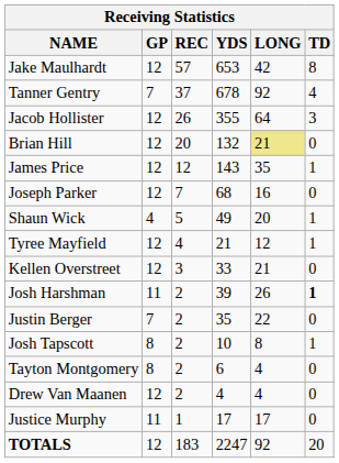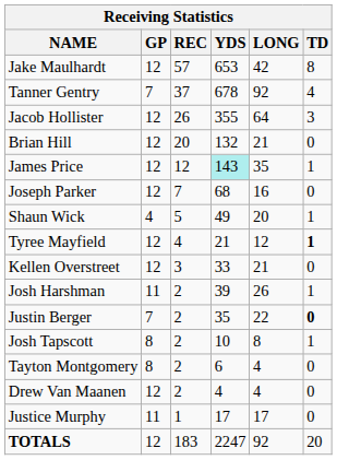 <table class="wikitable sortable collapsible collapsed">
 <tr>
 <th colspan="7">Receiving Statistics</th>
 </tr>
 <tr>
 <th>NAME</th>
 <th>GP</th>
 <th>REC</th>
 <th>YDS</th>
 <th>LONG</th>
 <th>TD</th>
 </tr>
 <tr>
 <td>Jake Maulhardt</td>
 <td>12</td>
 <td>57</td>
 <td>653</td>
 <td>42</td>
 <td>8</td>
 </tr>
 <tr>
 <td>Tanner Gentry</td>
 <td>7</td>
 <td>37</td>
 <td>678</td>
 <td>92</td>
 <td>4</td>
 </tr>
 <tr>
 <td>Jacob Hollister</td>
 <td>12</td>
 <td>26</td>
 <td>355</td>
 <td>64</td>
 <td>3</td>
 </tr>
 <tr>
 <td>Brian Hill</td>
 <td>12</td>
 <td>20</td>
 <td>132</td>
-<td style="background: khaki;">21</td>
+<td>21</td>
 <td>0</td>
 </tr>
 <tr>
 <td>James Price</td>
 <td>12</td>
 <td>12</td>
-<td>143</td>
+<td style="background: paleturquoise;">143</td>
 <td>35</td>
 <td>1</td>
 </tr>
 <tr>
 <td>Joseph Parker</td>
 <td>12</td>
 <td>7</td>
 <td>68</td>
 <td>16</td>
 <td>0</td>
 </tr>
 <tr>
 <td>Shaun Wick</td>
 <td>4</td>
 <td>5</td>
 <td>49</td>
 <td>20</td>
 <td>1</td>
 </tr>
 <tr>
 <td>Tyree Mayfield</td>
 <td>12</td>
 <td>4</td>
 <td>21</td>
 <td>12</td>
-<td>1</td>
+<td><strong>1</strong></td>
 </tr>
 <tr>
 <td>Kellen Overstreet</td>
 <td>12</td>
 <td>3</td>
 <td>33</td>
 <td>21</td>
 <td>0</td>
 </tr>
 <tr>
 <td>Josh Harshman</td>
 <td>11</td>
 <td>2</td>
 <td>39</td>
 <td>26</td>
-<td><strong>1</strong></td>
+<td>1</td>
 </tr>
 <tr>
 <td>Justin Berger</td>
 <td>7</td>
 <td>2</td>
 <td>35</td>
 <td>22</td>
-<td>0</td>
+<td><strong>0</strong></td>
 </tr>
 <tr>
 <td>Josh Tapscott</td>
 <td>8</td>
 <td>2</td>
 <td>10</td>
 <td>8</td>
 <td>1</td>
 </tr>
 <tr>
 <td>Tayton Montgomery</td>
 <td>8</td>
 <td>2</td>
 <td>6</td>
 <td>4</td>
 <td>0</td>
 </tr>
 <tr>
 <td>Drew Van Maanen</td>
 <td>12</td>
 <td>2</td>
 <td>4</td>
 <td>4</td>
 <td>0</td>
 </tr>
 <tr>
 <td>Justice Murphy</td>
 <td>11</td>
 <td>1</td>
 <td>17</td>
 <td>17</td>
 <td>0</td>
 </tr>
 <tr>
 <td><strong>TOTALS</strong></td>
 <td>12</td>
 <td>183</td>
 <td>2247</td>
 <td>92</td>
 <td>20</td>
 </tr>
 </table>
